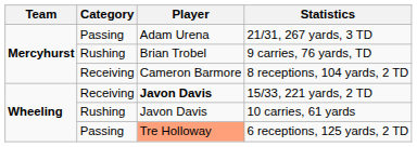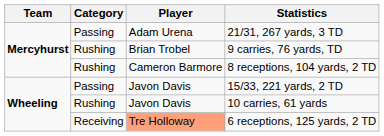 <table class="wikitable" style="float: right;">
 <tr>
 <th>Team</th>
 <th>Category</th>
 <th>Player</th>
 <th>Statistics</th>
 </tr>
 <tr>
 <td rowspan=3><strong>Mercyhurst</strong></td>
 <td>Passing</td>
 <td>Adam Urena</td>
 <td>21/31, 267 yards, 3 TD</td>
 </tr>
 <tr>
 <td>Rushing</td>
 <td>Brian Trobel</td>
 <td>9 carries, 76 yards, TD</td>
 </tr>
 <tr>
-<td>Receiving</td>
+<td>Rushing</td>
 <td>Cameron Barmore</td>
 <td>8 receptions, 104 yards, 2 TD</td>
 </tr>
 <tr>
 <td rowspan=3><strong>Wheeling</strong></td>
-<td>Receiving</td>
-<td><strong>Javon Davis</strong></td>
+<td>Passing</td>
+<td>Javon Davis</td>
 <td>15/33, 221 yards, 2 TD</td>
 </tr>
 <tr>
 <td>Rushing</td>
 <td>Javon Davis</td>
 <td>10 carries, 61 yards</td>
 </tr>
 <tr>
-<td>Passing</td>
+<td>Receiving</td>
 <td style="background: lightsalmon;">Tre Holloway</td>
 <td>6 receptions, 125 yards, 2 TD</td>
 </tr>
 </table>
